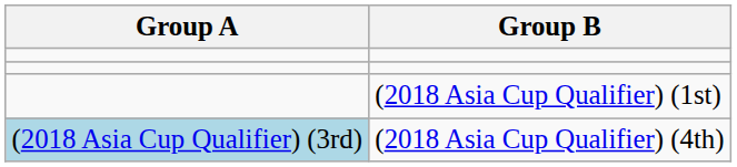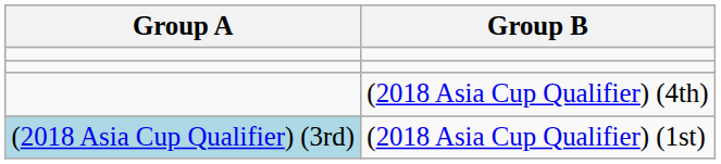 <table class="wikitable">
 <tr>
 <th>Group A</th>
 <th>Group B</th>
 </tr>
 <tr>
 <td></td>
 <td></td>
 </tr>
 <tr>
 <td></td>
 <td></td>
 </tr>
 <tr>
 <td></td>
-<td> (<a href='#'>2018 Asia Cup Qualifier</a>) (1st)</td>
+<td> (<a href='#'>2018 Asia Cup Qualifier</a>) (4th)</td>
 </tr>
 <tr>
 <td style="background: lightblue;"> (<a href='#'>2018 Asia Cup Qualifier</a>) (3rd)</td>
-<td> (<a href='#'>2018 Asia Cup Qualifier</a>) (4th)</td>
+<td> (<a href='#'>2018 Asia Cup Qualifier</a>) (1st)</td>
 </tr>
 </table>
